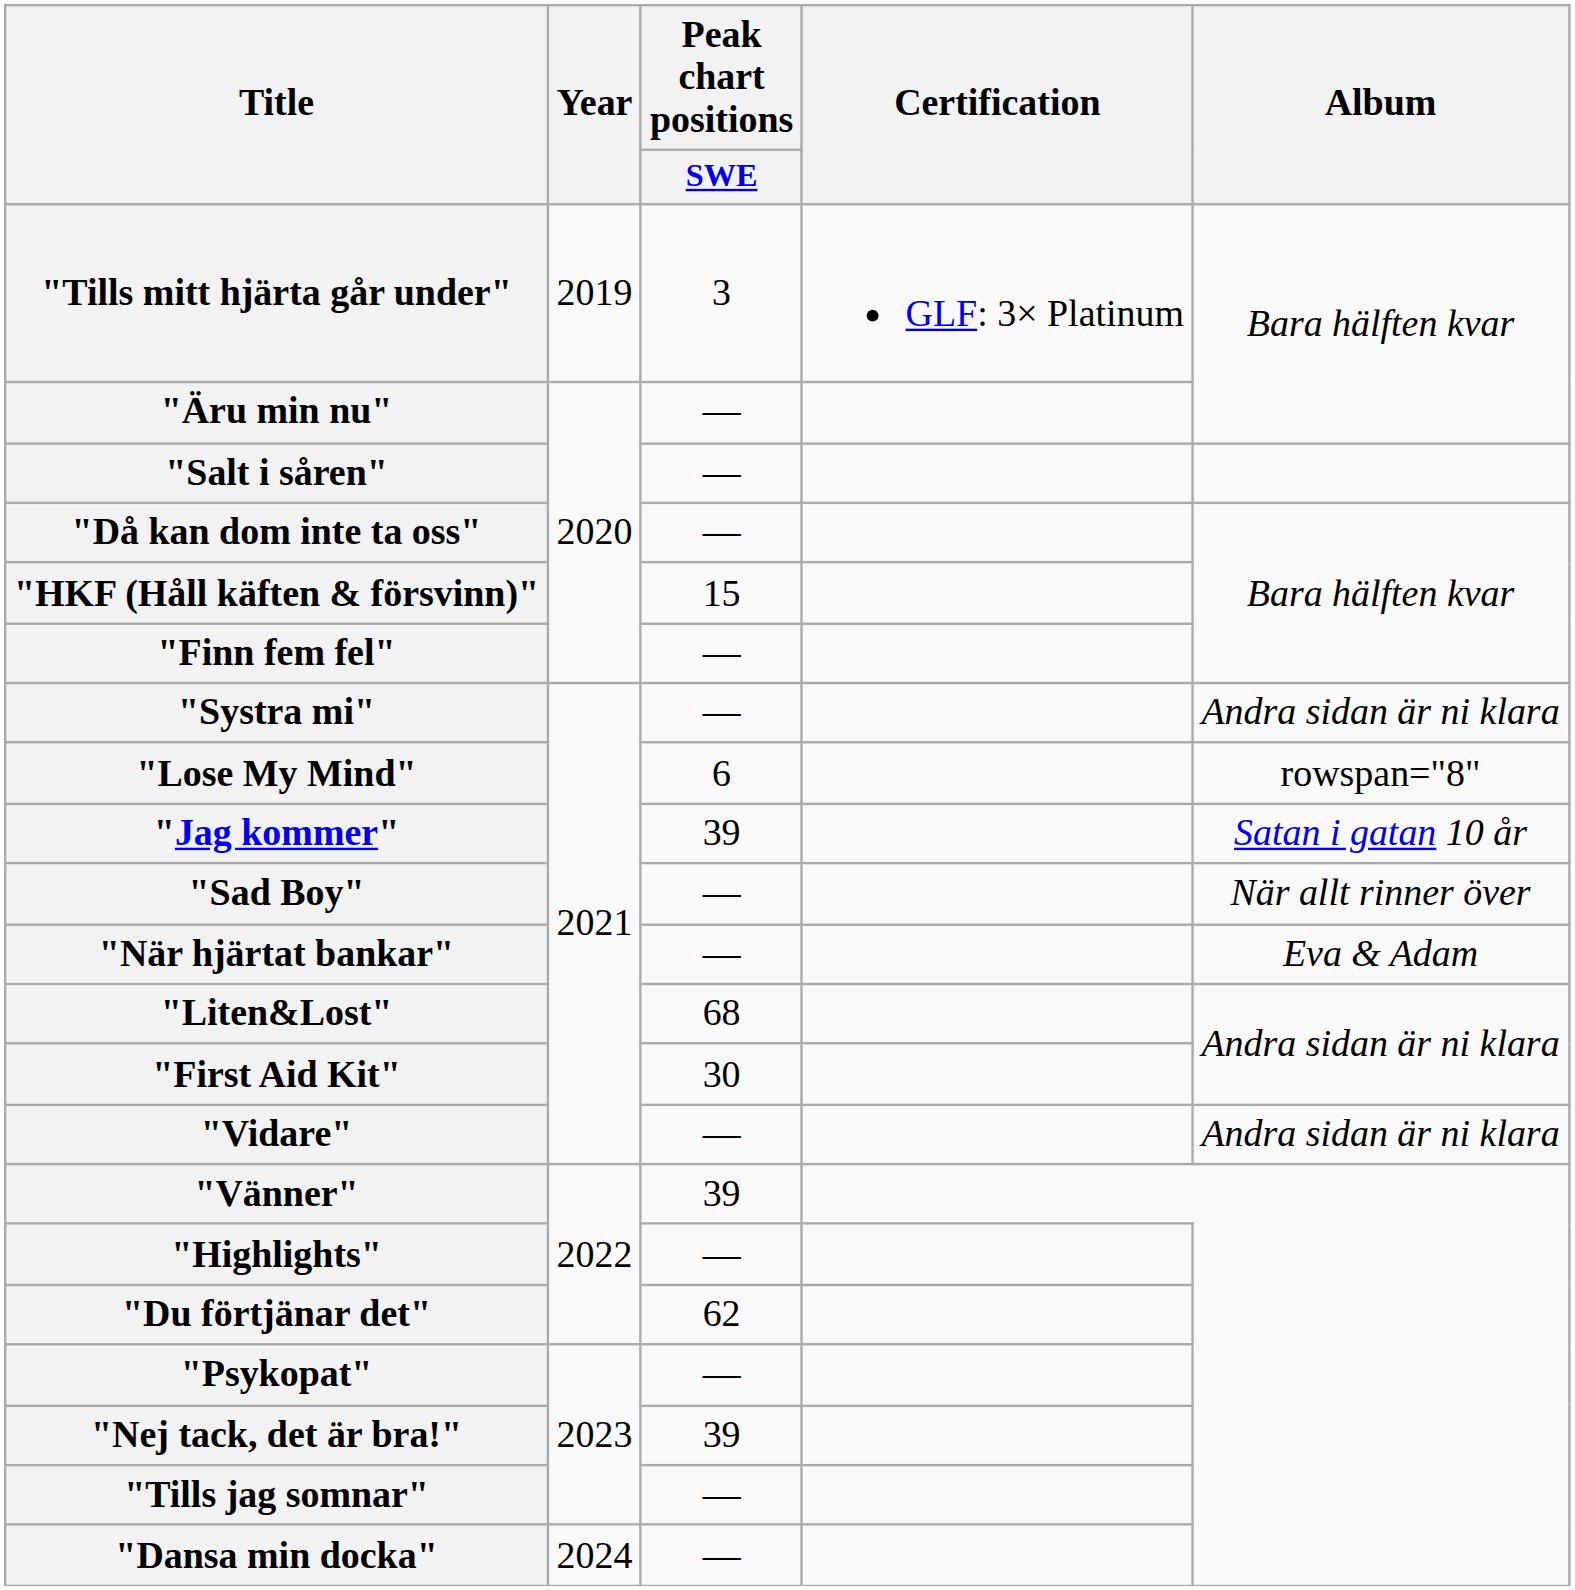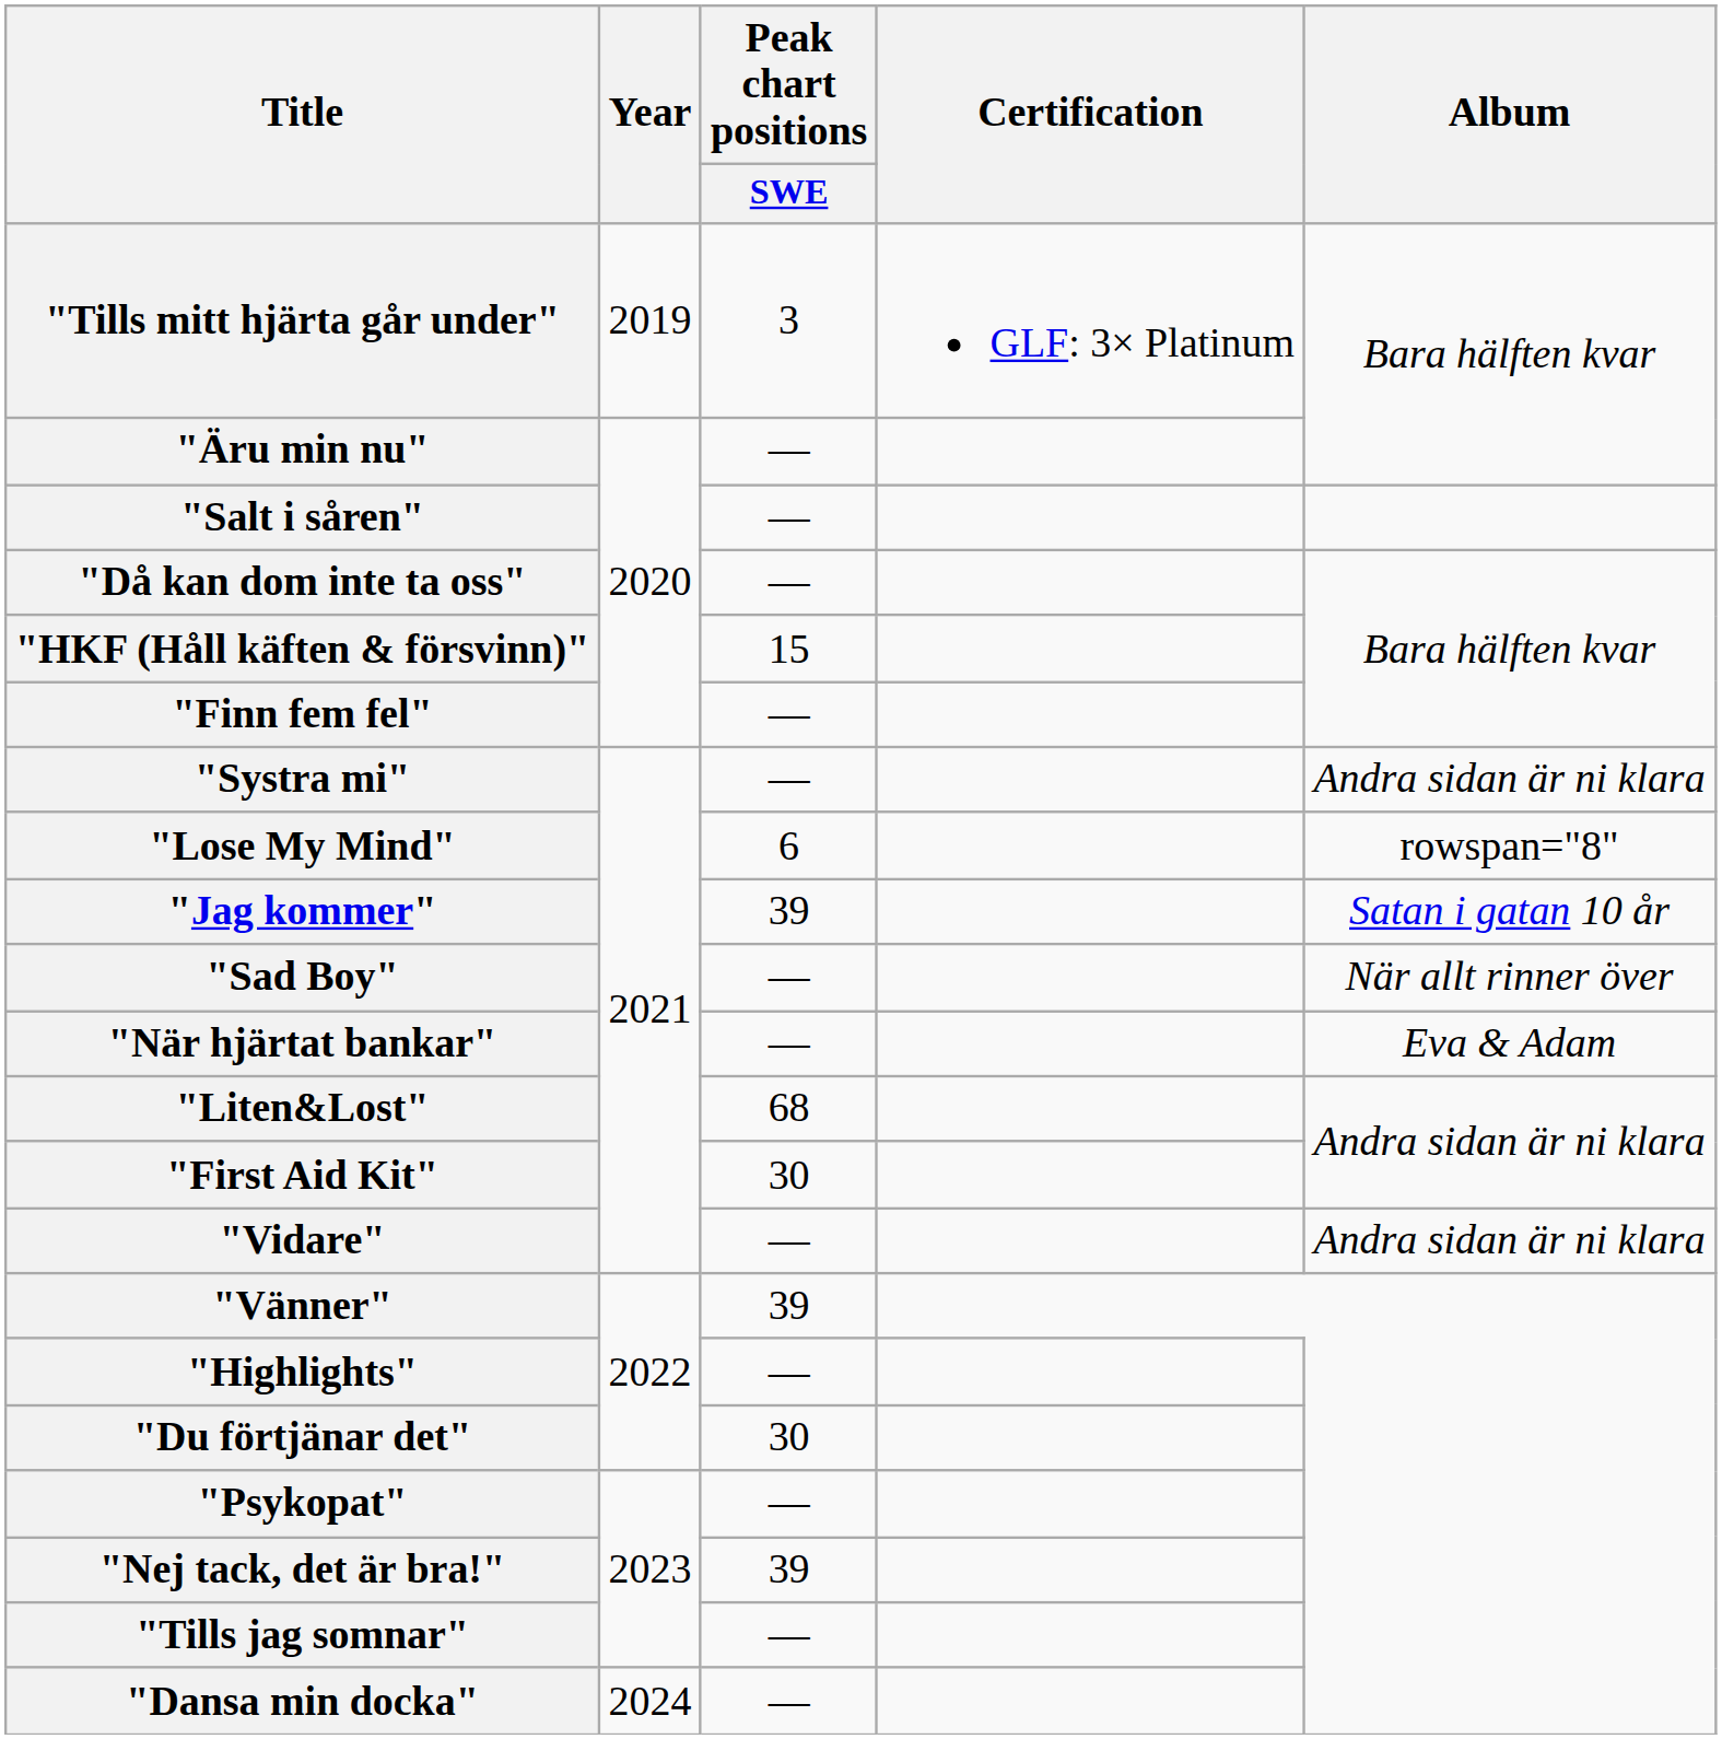 <table class="wikitable plainrowheaders" style="text-align:center;">
 <tr>
 <th scope="col" rowspan="2">Title</th>
 <th scope="col" rowspan="2">Year</th>
 <th scope="col" colspan="1">Peak chart positions</th>
 <th scope="col" rowspan="2">Certification</th>
 <th scope="col" rowspan="2">Album</th>
 </tr>
 <tr>
 <th scope="col" style="width:3em;font-size:85%;"><a href='#'>SWE</a><br></th>
 </tr>
 <tr>
 <th scope="row">"Tills mitt hjärta går under"</th>
 <td>2019</td>
 <td>3<br></td>
 <td><br><ul><li><a href='#'>GLF</a>: 3× Platinum</li></ul></td>
 <td rowspan="2"><em>Bara hälften kvar</em></td>
 </tr>
 <tr>
 <th scope="row">"Äru min nu"</th>
 <td rowspan="5">2020</td>
 <td>—</td>
 <td></td>
 </tr>
 <tr>
 <th scope="row">"Salt i såren"<br></th>
 <td>—</td>
 <td></td>
 <td></td>
 </tr>
 <tr>
 <th scope="row">"Då kan dom inte ta oss"</th>
 <td>—</td>
 <td></td>
 <td rowspan="3"><em>Bara hälften kvar</em></td>
 </tr>
 <tr>
 <th scope="row">"HKF (Håll käften & försvinn)"</th>
 <td>15</td>
 <td></td>
 </tr>
 <tr>
 <th scope="row">"Finn fem fel"</th>
 <td>—</td>
 <td></td>
 </tr>
 <tr>
 <th scope="row">"Systra mi"<br></th>
 <td rowspan="8">2021</td>
 <td>—</td>
 <td></td>
 <td><em>Andra sidan är ni klara</em></td>
 </tr>
 <tr>
 <th scope="row">"Lose My Mind"</th>
 <td>6</td>
 <td></td>
 <td>rowspan="8" </td>
 </tr>
 <tr>
 <th scope="row">"<a href='#'>Jag kommer</a>"</th>
 <td>39<br></td>
 <td></td>
 <td><em><a href='#'>Satan i gatan</a> 10 år</em></td>
 </tr>
 <tr>
 <th scope="row">"Sad Boy"</th>
 <td>—</td>
 <td></td>
 <td><em>När allt rinner över</em></td>
 </tr>
 <tr>
 <th scope="row">"När hjärtat bankar" </th>
 <td>—</td>
 <td></td>
 <td><em>Eva & Adam</em></td>
 </tr>
 <tr>
 <th scope="row">"Liten&Lost"</th>
 <td>68<br></td>
 <td></td>
 <td rowspan="2"><em>Andra sidan är ni klara</em></td>
 </tr>
 <tr>
 <th scope="row">"First Aid Kit"</th>
 <td>30<br></td>
 <td></td>
 </tr>
 <tr>
 <th scope="row">"Vidare"<br></th>
 <td>—</td>
 <td></td>
 <td><em>Andra sidan är ni klara</em></td>
 </tr>
 <tr>
 <th scope="row">"Vänner"<br></th>
 <td rowspan="3">2022</td>
 <td>39<br></td>
 </tr>
 <tr>
 <th scope="row">"Highlights"</th>
 <td>—</td>
 <td></td>
 </tr>
 <tr>
 <th scope="row">"Du förtjänar det"</th>
-<td>62<br></td>
+<td>30<br></td>
 <td></td>
 </tr>
 <tr>
 <th scope="row">"Psykopat"</th>
 <td rowspan="3">2023</td>
 <td>—</td>
 <td></td>
 </tr>
 <tr>
 <th scope="row">"Nej tack, det är bra!"</th>
 <td>39<br></td>
 <td></td>
 </tr>
 <tr>
 <th scope="row">"Tills jag somnar"</th>
 <td>—</td>
 <td></td>
 </tr>
 <tr>
 <th scope="row">"Dansa min docka"</th>
 <td>2024</td>
 <td>—</td>
 <td></td>
 </tr>
 </table>
